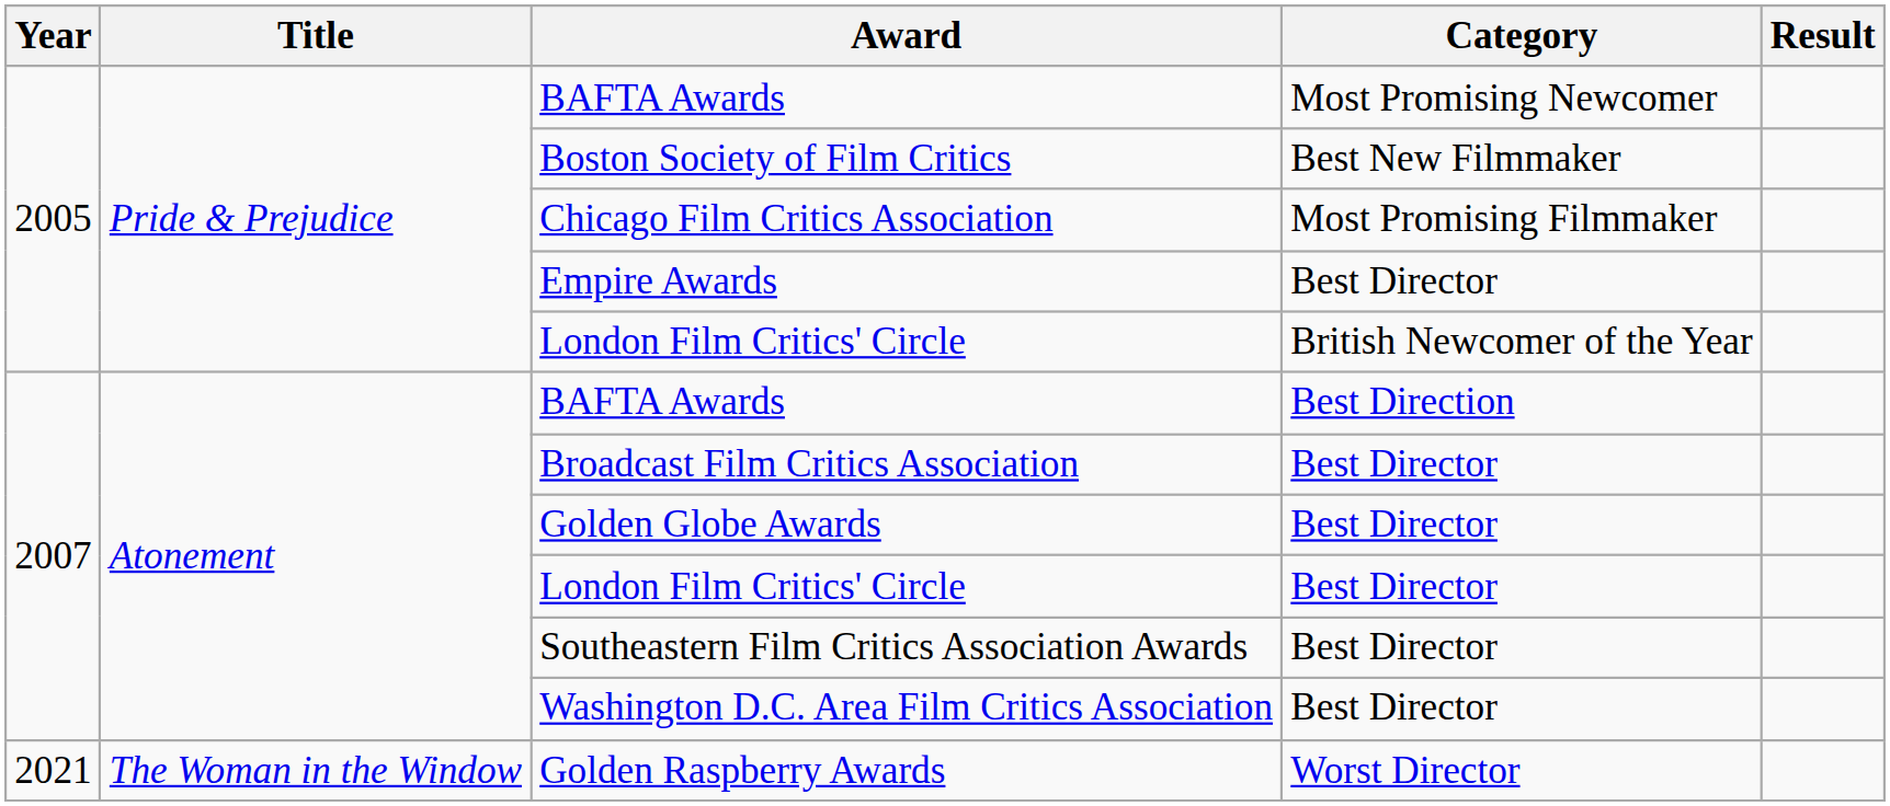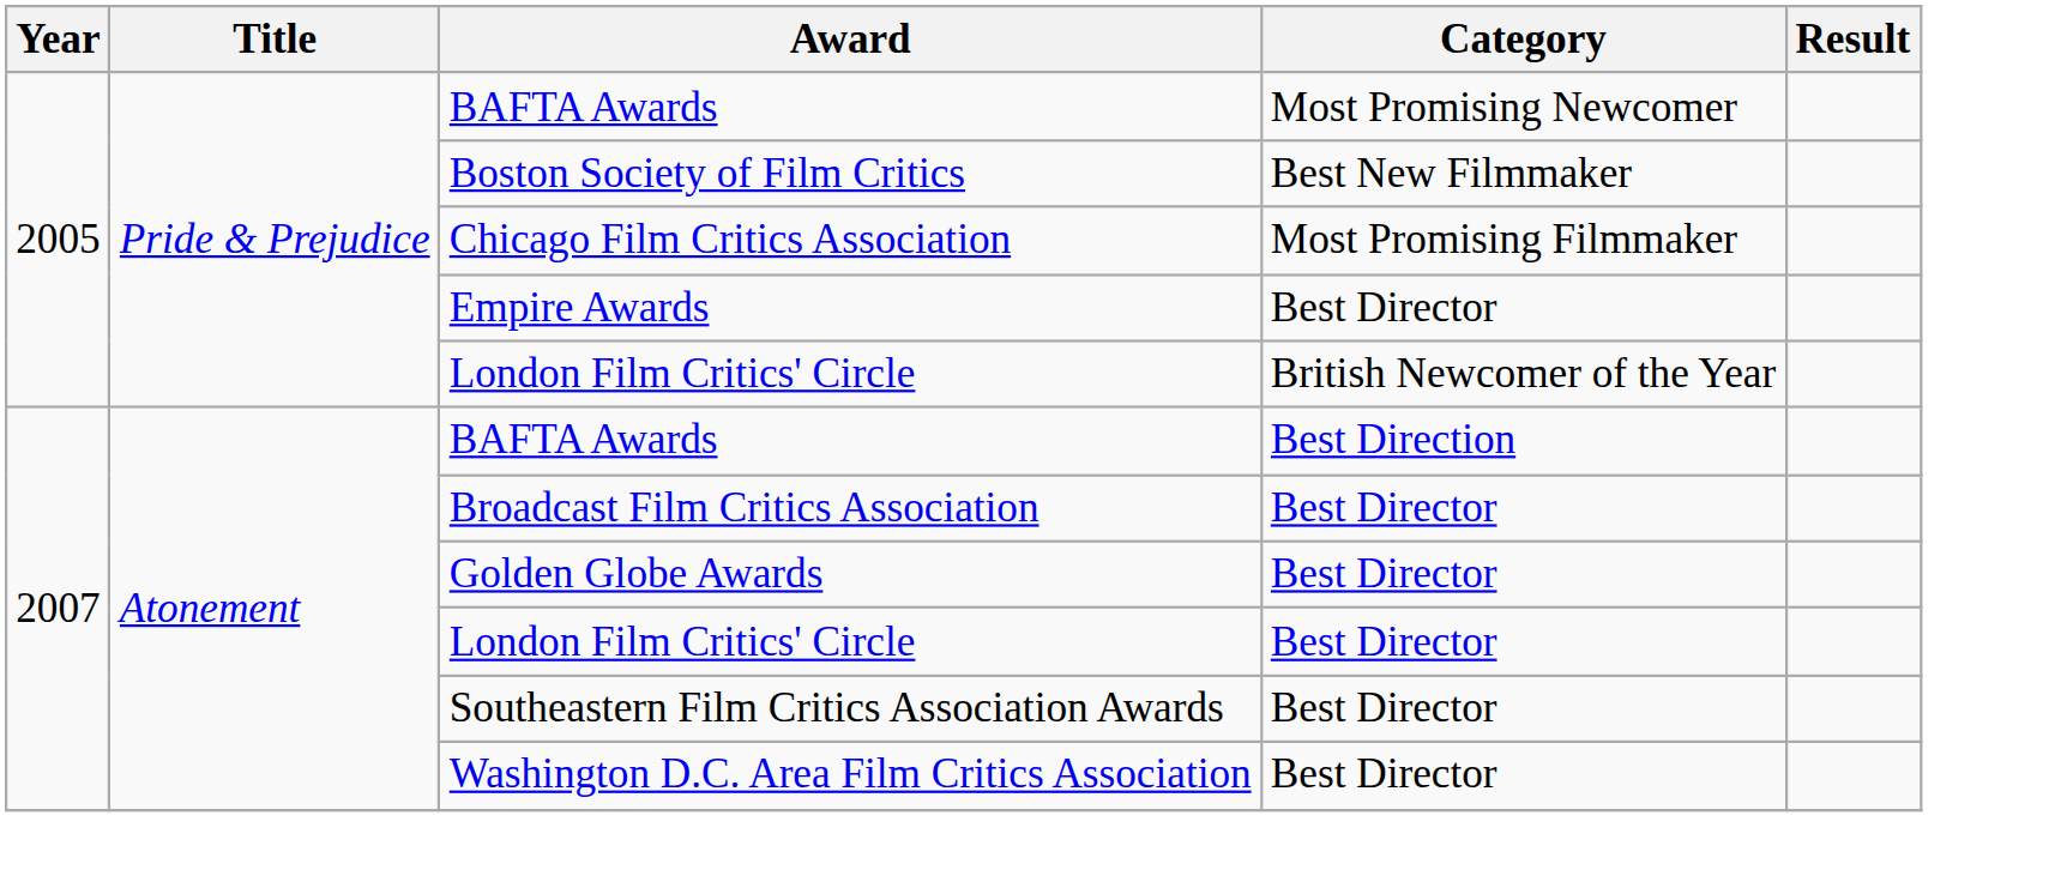 <table class="wikitable">
 <tr>
 <th>Year</th>
 <th>Title</th>
 <th>Award</th>
 <th>Category</th>
 <th>Result</th>
 </tr>
 <tr>
 <td rowspan=5>2005</td>
 <td rowspan=5><em><a href='#'>Pride & Prejudice</a></em></td>
 <td><a href='#'>BAFTA Awards</a></td>
 <td>Most Promising Newcomer</td>
 <td></td>
 </tr>
 <tr>
 <td><a href='#'>Boston Society of Film Critics</a></td>
 <td>Best New Filmmaker</td>
 <td></td>
 </tr>
 <tr>
 <td><a href='#'>Chicago Film Critics Association</a></td>
 <td>Most Promising Filmmaker</td>
 <td></td>
 </tr>
 <tr>
 <td><a href='#'>Empire Awards</a></td>
 <td>Best Director</td>
 <td></td>
 </tr>
 <tr>
 <td><a href='#'>London Film Critics' Circle</a></td>
 <td>British Newcomer of the Year</td>
 <td></td>
 </tr>
 <tr>
 <td rowspan=6>2007</td>
 <td rowspan=6><em><a href='#'>Atonement</a></em></td>
 <td><a href='#'>BAFTA Awards</a></td>
 <td><a href='#'>Best Direction</a></td>
 <td></td>
 </tr>
 <tr>
 <td><a href='#'>Broadcast Film Critics Association</a></td>
 <td><a href='#'>Best Director</a></td>
 <td></td>
 </tr>
 <tr>
 <td><a href='#'>Golden Globe Awards</a></td>
 <td><a href='#'>Best Director</a></td>
 <td></td>
 </tr>
 <tr>
 <td><a href='#'>London Film Critics' Circle</a></td>
 <td><a href='#'>Best Director</a></td>
 <td></td>
 </tr>
 <tr>
 <td>Southeastern Film Critics Association Awards</td>
 <td>Best Director</td>
 <td></td>
 </tr>
 <tr>
 <td><a href='#'>Washington D.C. Area Film Critics Association</a></td>
 <td>Best Director</td>
 <td></td>
 </tr>
 <tr>
-<td>2021</td>
-<td><em><a href='#'>The Woman in the Window</a></em></td>
-<td><a href='#'>Golden Raspberry Awards</a></td>
-<td><a href='#'>Worst Director</a></td>
-<td></td>
-</tr>
-<tr>
 </tr>
 </table>
